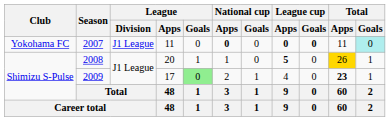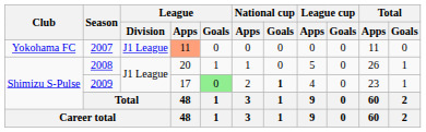 <table class="wikitable" style="text-align:center">
 <tr>
 <th rowspan="2">Club</th>
 <th rowspan="2">Season</th>
 <th colspan="3">League</th>
 <th colspan="2">National cup</th>
 <th colspan="2">League cup</th>
 <th colspan="2">Total</th>
 </tr>
 <tr>
 <th>Division</th>
 <th>Apps</th>
 <th>Goals</th>
 <th>Apps</th>
 <th>Goals</th>
 <th>Apps</th>
 <th>Goals</th>
 <th>Apps</th>
 <th>Goals</th>
 </tr>
 <tr>
 <td><a href='#'>Yokohama FC</a></td>
 <td><a href='#'>2007</a></td>
 <td><a href='#'>J1 League</a></td>
+<td style="background: lightsalmon;">11</td>
+<td>0</td>
+<td>0</td>
+<td>0</td>
+<td>0</td>
+<td>0</td>
 <td>11</td>
 <td>0</td>
-<td><strong>0</strong></td>
-<td>0</td>
-<td><strong>0</strong></td>
-<td><strong>0</strong></td>
-<td>11</td>
-<td style="background: paleturquoise;">0</td>
 </tr>
 <tr>
 <td rowspan="3"><a href='#'>Shimizu S-Pulse</a></td>
 <td><a href='#'>2008</a></td>
 <td rowspan="2">J1 League</td>
 <td>20</td>
 <td>1</td>
 <td>1</td>
 <td>0</td>
-<td><strong>5</strong></td>
+<td>5</td>
 <td>0</td>
-<td style="background: gold;">26</td>
+<td>26</td>
 <td>1</td>
 </tr>
 <tr>
 <td><a href='#'>2009</a></td>
 <td>17</td>
 <td style="background: lightgreen;">0</td>
 <td>2</td>
-<td>1</td>
+<td><strong>1</strong></td>
 <td>4</td>
 <td>0</td>
-<td><strong>23</strong></td>
+<td>23</td>
 <td>1</td>
 </tr>
 <tr>
 <th colspan="2">Total</th>
 <th>48</th>
 <th>1</th>
 <th>3</th>
 <th>1</th>
 <th>9</th>
 <th>0</th>
 <th>60</th>
 <th>2</th>
 </tr>
 <tr>
 <th colspan="3">Career total</th>
 <th>48</th>
 <th>1</th>
 <th>3</th>
 <th>1</th>
 <th>9</th>
 <th>0</th>
 <th>60</th>
 <th>2</th>
 </tr>
 </table>
